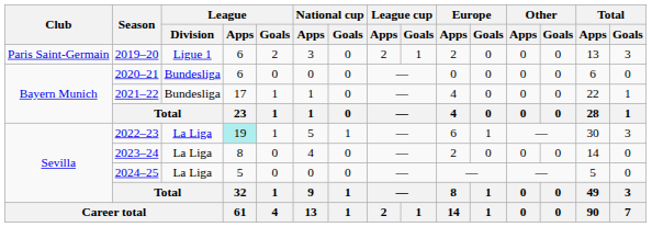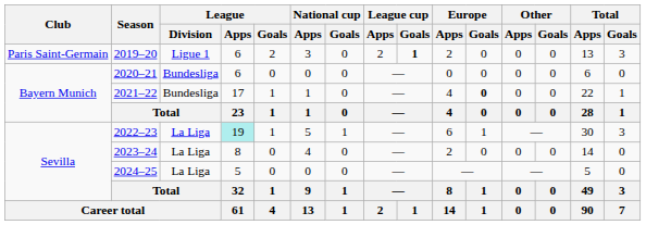 <table class="wikitable" style="text-align: center;">
 <tr>
 <th rowspan="2">Club</th>
 <th rowspan="2">Season</th>
 <th colspan="3">League</th>
 <th colspan="2">National cup</th>
 <th colspan="2">League cup</th>
 <th colspan="2">Europe</th>
 <th colspan="2">Other</th>
 <th colspan="2">Total</th>
 </tr>
 <tr>
 <th>Division</th>
 <th>Apps</th>
 <th>Goals</th>
 <th>Apps</th>
 <th>Goals</th>
 <th>Apps</th>
 <th>Goals</th>
 <th>Apps</th>
 <th>Goals</th>
 <th>Apps</th>
 <th>Goals</th>
 <th>Apps</th>
 <th>Goals</th>
 </tr>
 <tr>
 <td><a href='#'>Paris Saint-Germain</a></td>
 <td><a href='#'>2019–20</a></td>
 <td><a href='#'>Ligue 1</a></td>
 <td>6</td>
 <td>2</td>
 <td>3</td>
 <td>0</td>
 <td>2</td>
-<td>1</td>
+<td><strong>1</strong></td>
 <td>2</td>
 <td>0</td>
 <td>0</td>
 <td>0</td>
 <td>13</td>
 <td>3</td>
 </tr>
 <tr>
 <td rowspan="3"><a href='#'>Bayern Munich</a></td>
 <td><a href='#'>2020–21</a></td>
 <td><a href='#'>Bundesliga</a></td>
 <td>6</td>
 <td>0</td>
 <td>0</td>
 <td>0</td>
 <td colspan="2">—</td>
 <td>0</td>
 <td>0</td>
 <td>0</td>
 <td>0</td>
 <td>6</td>
 <td>0</td>
 </tr>
 <tr>
 <td><a href='#'>2021–22</a></td>
 <td>Bundesliga</td>
 <td>17</td>
 <td>1</td>
 <td>1</td>
 <td>0</td>
 <td colspan="2">—</td>
 <td>4</td>
-<td>0</td>
+<td><strong>0</strong></td>
 <td>0</td>
 <td>0</td>
 <td>22</td>
 <td>1</td>
 </tr>
 <tr>
 <th colspan="2">Total</th>
 <th>23</th>
 <th>1</th>
 <th>1</th>
 <th>0</th>
 <th colspan="2">—</th>
 <th>4</th>
 <th>0</th>
 <th>0</th>
 <th>0</th>
 <th>28</th>
 <th>1</th>
 </tr>
 <tr>
 <td rowspan="4"><a href='#'>Sevilla</a></td>
 <td><a href='#'>2022–23</a></td>
 <td><a href='#'>La Liga</a></td>
 <td style="background: paleturquoise;">19</td>
 <td>1</td>
 <td>5</td>
 <td>1</td>
 <td colspan="2">—</td>
 <td>6</td>
 <td>1</td>
 <td colspan="2">—</td>
 <td>30</td>
 <td>3</td>
 </tr>
 <tr>
 <td><a href='#'>2023–24</a></td>
 <td>La Liga</td>
 <td>8</td>
 <td>0</td>
 <td>4</td>
 <td>0</td>
 <td colspan="2">—</td>
 <td>2</td>
 <td>0</td>
 <td>0</td>
 <td>0</td>
 <td>14</td>
 <td>0</td>
 </tr>
 <tr>
 <td><a href='#'>2024–25</a></td>
 <td>La Liga</td>
 <td>5</td>
 <td>0</td>
 <td>0</td>
 <td>0</td>
 <td colspan="2">—</td>
 <td colspan="2">—</td>
 <td colspan="2">—</td>
 <td>5</td>
 <td>0</td>
 </tr>
 <tr>
 <th colspan="2">Total</th>
 <th>32</th>
 <th>1</th>
 <th>9</th>
 <th>1</th>
 <th colspan="2">—</th>
 <th>8</th>
 <th>1</th>
 <th>0</th>
 <th>0</th>
 <th>49</th>
 <th>3</th>
 </tr>
 <tr>
 <th colspan="3">Career total</th>
 <th>61</th>
 <th>4</th>
 <th>13</th>
 <th>1</th>
 <th>2</th>
 <th>1</th>
 <th>14</th>
 <th>1</th>
 <th>0</th>
 <th>0</th>
 <th>90</th>
 <th>7</th>
 </tr>
 </table>
